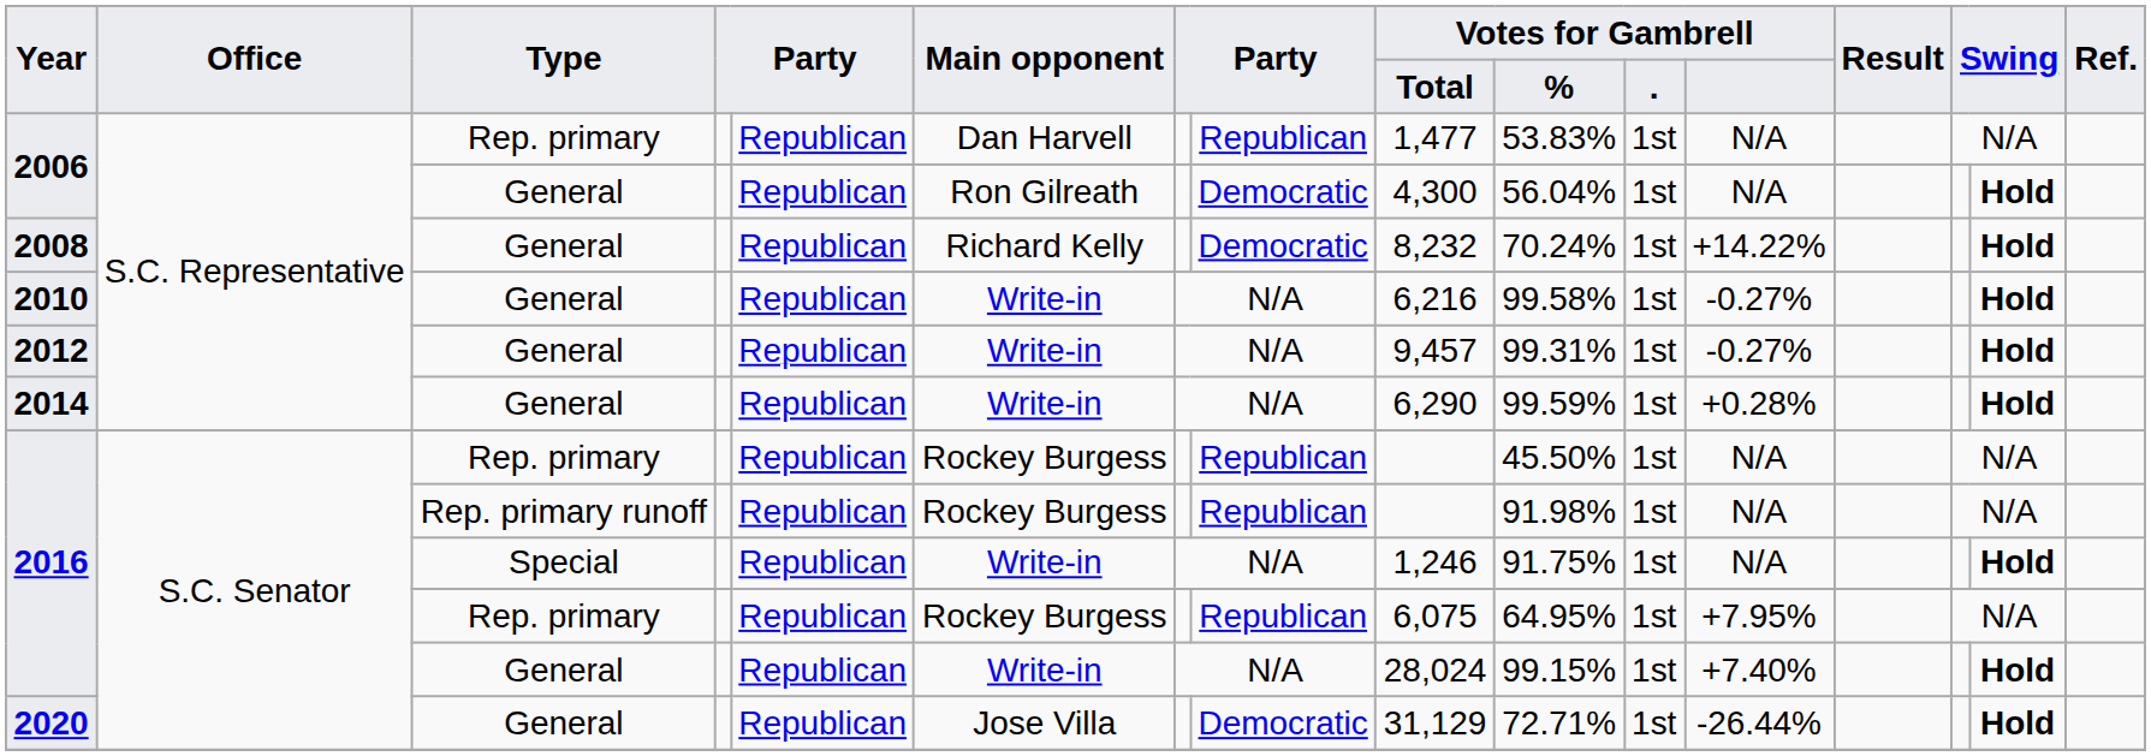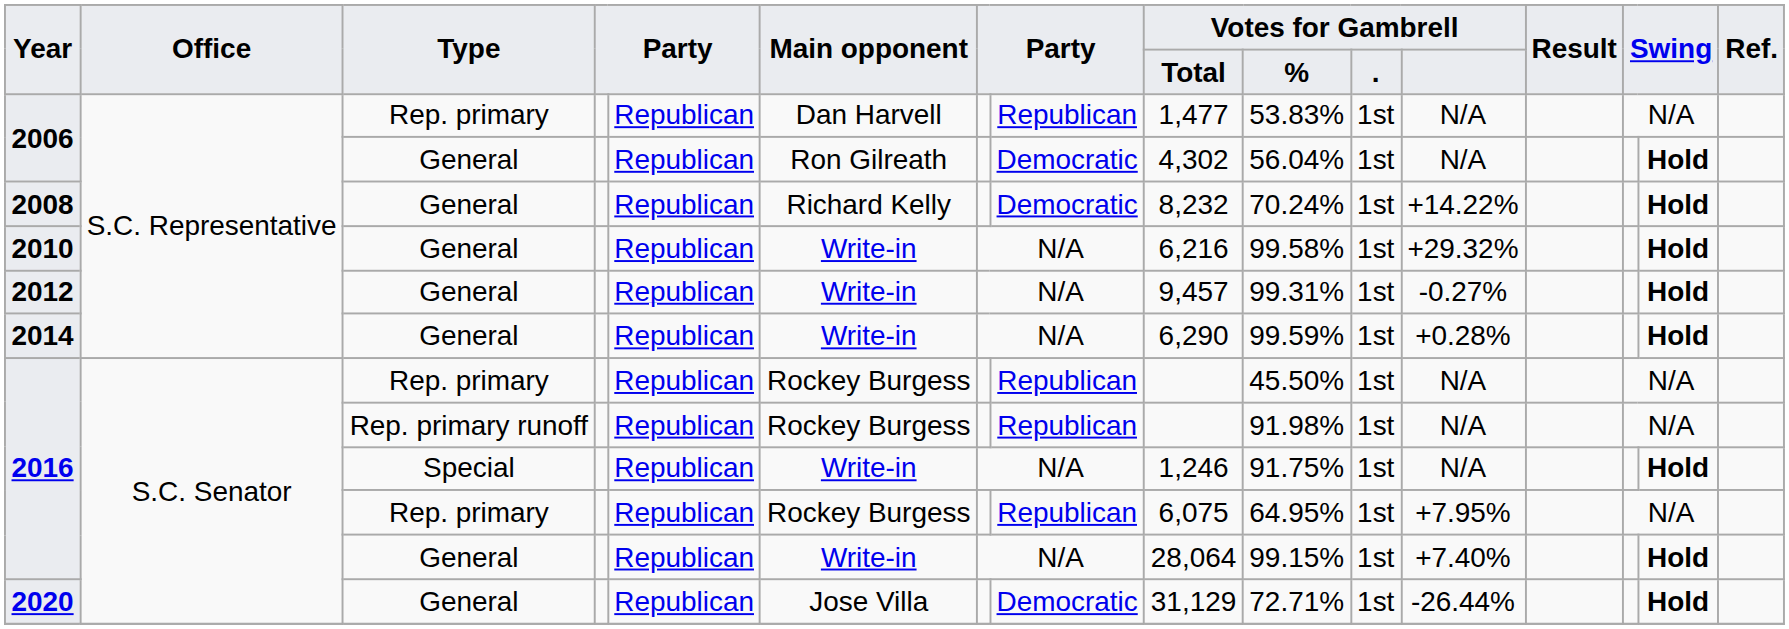 <table class="wikitable" style="font-size: 90%; text-align:center;">
 <tr>
 <th style="background-color:#EAECF0;" rowspan=2>Year</th>
 <th style="background-color:#EAECF0;" rowspan=2>Office</th>
 <th style="background-color:#EAECF0;" rowspan=2>Type</th>
 <th style="background-color:#EAECF0;" colspan=2 rowspan=2>Party</th>
 <th style="background-color:#EAECF0;" rowspan=2>Main opponent</th>
 <th style="background-color:#EAECF0;" colspan=2 rowspan=2>Party</th>
 <th style="background-color:#EAECF0;" colspan=4>Votes for Gambrell</th>
 <th style="background-color:#EAECF0;" rowspan=2>Result</th>
 <th style="background-color:#EAECF0;" colspan=2 rowspan=2><a href='#'>Swing</a></th>
 <th style="background-color:#EAECF0;" colspan=2 rowspan=2>Ref.</th>
 </tr>
 <tr>
 <th style="background-color:#EAECF0;">Total</th>
 <th style="background-color:#EAECF0;">%</th>
 <th style="background-color:#EAECF0;">.</th>
 <th style="background-color:#EAECF0;"></th>
 </tr>
 <tr>
 <th rowspan=2 style="background-color:#EAECF0;">2006</th>
 <td rowspan=6>S.C. Representative</td>
 <td>Rep. primary</td>
 <td style="background-color:"></td>
 <td><a href='#'>Republican</a></td>
 <td>Dan Harvell</td>
 <td style="background-color:"></td>
 <td><a href='#'>Republican</a></td>
 <td>1,477</td>
 <td>53.83%</td>
 <td>1st</td>
 <td>N/A</td>
 <td></td>
 <td colspan=2>N/A</td>
 <td></td>
 </tr>
 <tr>
 <td>General</td>
 <td style="background-color:"></td>
 <td><a href='#'>Republican</a></td>
 <td>Ron Gilreath</td>
 <td style="background-color:"></td>
 <td><a href='#'>Democratic</a></td>
-<td>4,300</td>
+<td>4,302</td>
 <td>56.04%</td>
 <td>1st</td>
 <td>N/A</td>
 <td></td>
 <td style="background-color:"></td>
 <td><strong>Hold</strong></td>
 <td></td>
 </tr>
 <tr>
 <th style="background-color:#EAECF0;">2008</th>
 <td>General</td>
 <td style="background-color:"></td>
 <td><a href='#'>Republican</a></td>
 <td>Richard Kelly</td>
 <td style="background-color:"></td>
 <td><a href='#'>Democratic</a></td>
 <td>8,232</td>
 <td>70.24%</td>
 <td>1st</td>
 <td>+14.22%</td>
 <td></td>
 <td style="background-color:"></td>
 <td><strong>Hold</strong></td>
 <td></td>
 </tr>
 <tr>
 <th style="background-color:#EAECF0;">2010</th>
 <td>General</td>
 <td style="background-color:"></td>
 <td><a href='#'>Republican</a></td>
 <td><a href='#'>Write-in</a></td>
 <td colspan=2>N/A</td>
 <td>6,216</td>
 <td>99.58%</td>
 <td>1st</td>
-<td>-0.27%</td>
+<td>+29.32%</td>
 <td></td>
 <td style="background-color:"></td>
 <td><strong>Hold</strong></td>
 <td></td>
 </tr>
 <tr>
 <th style="background-color:#EAECF0;">2012</th>
 <td>General</td>
 <td style="background-color:"></td>
 <td><a href='#'>Republican</a></td>
 <td><a href='#'>Write-in</a></td>
 <td colspan=2>N/A</td>
 <td>9,457</td>
 <td>99.31%</td>
 <td>1st</td>
 <td>-0.27%</td>
 <td></td>
 <td style="background-color:"></td>
 <td><strong>Hold</strong></td>
 <td></td>
 </tr>
 <tr>
 <th style="background-color:#EAECF0;">2014</th>
 <td>General</td>
 <td style="background-color:"></td>
 <td><a href='#'>Republican</a></td>
 <td><a href='#'>Write-in</a></td>
 <td colspan=2>N/A</td>
 <td>6,290</td>
 <td>99.59%</td>
 <td>1st</td>
 <td>+0.28%</td>
 <td></td>
 <td style="background-color:"></td>
 <td><strong>Hold</strong></td>
 <td></td>
 </tr>
 <tr>
 <th rowspan=5 style="background-color:#EAECF0;"><a href='#'>2016</a></th>
 <td rowspan=6>S.C. Senator</td>
 <td>Rep. primary</td>
 <td style="background-color:"></td>
 <td><a href='#'>Republican</a></td>
 <td>Rockey Burgess</td>
 <td style="background-color:"></td>
 <td><a href='#'>Republican</a></td>
 <td></td>
 <td>45.50%</td>
 <td>1st</td>
 <td>N/A</td>
 <td></td>
 <td colspan=2>N/A</td>
 <td></td>
 </tr>
 <tr>
 <td>Rep. primary runoff</td>
 <td style="background-color:"></td>
 <td><a href='#'>Republican</a></td>
 <td>Rockey Burgess</td>
 <td style="background-color:"></td>
 <td><a href='#'>Republican</a></td>
 <td></td>
 <td>91.98%</td>
 <td>1st</td>
 <td>N/A</td>
 <td></td>
 <td colspan=2>N/A</td>
 <td></td>
 </tr>
 <tr>
 <td>Special</td>
 <td style="background-color:"></td>
 <td><a href='#'>Republican</a></td>
 <td><a href='#'>Write-in</a></td>
 <td colspan=2>N/A</td>
 <td>1,246</td>
 <td>91.75%</td>
 <td>1st</td>
 <td>N/A</td>
 <td></td>
 <td style="background-color:"></td>
 <td><strong>Hold</strong></td>
 <td></td>
 </tr>
 <tr>
 <td>Rep. primary</td>
 <td style="background-color:"></td>
 <td><a href='#'>Republican</a></td>
 <td>Rockey Burgess</td>
 <td style="background-color:"></td>
 <td><a href='#'>Republican</a></td>
 <td>6,075</td>
 <td>64.95%</td>
 <td>1st</td>
 <td>+7.95%</td>
 <td></td>
 <td colspan=2>N/A</td>
 <td></td>
 </tr>
 <tr>
 <td>General</td>
 <td style="background-color:"></td>
 <td><a href='#'>Republican</a></td>
 <td><a href='#'>Write-in</a></td>
 <td colspan=2>N/A</td>
-<td>28,024</td>
+<td>28,064</td>
 <td>99.15%</td>
 <td>1st</td>
 <td>+7.40%</td>
 <td></td>
 <td style="background-color:"></td>
 <td><strong>Hold</strong></td>
 <td></td>
 </tr>
 <tr>
 <th style="background-color:#EAECF0;"><a href='#'>2020</a></th>
 <td>General</td>
 <td style="background-color:"></td>
 <td><a href='#'>Republican</a></td>
 <td>Jose Villa</td>
 <td style="background-color:"></td>
 <td><a href='#'>Democratic</a></td>
 <td>31,129</td>
 <td>72.71%</td>
 <td>1st</td>
 <td>-26.44%</td>
 <td></td>
 <td style="background-color:"></td>
 <td><strong>Hold</strong></td>
 <td></td>
 </tr>
 <tr>
 </tr>
 </table>
